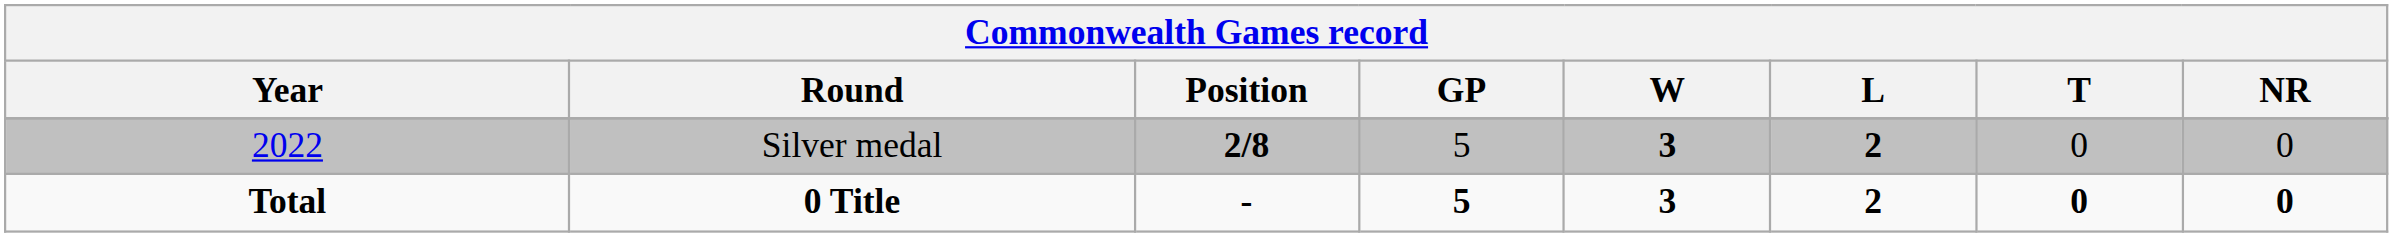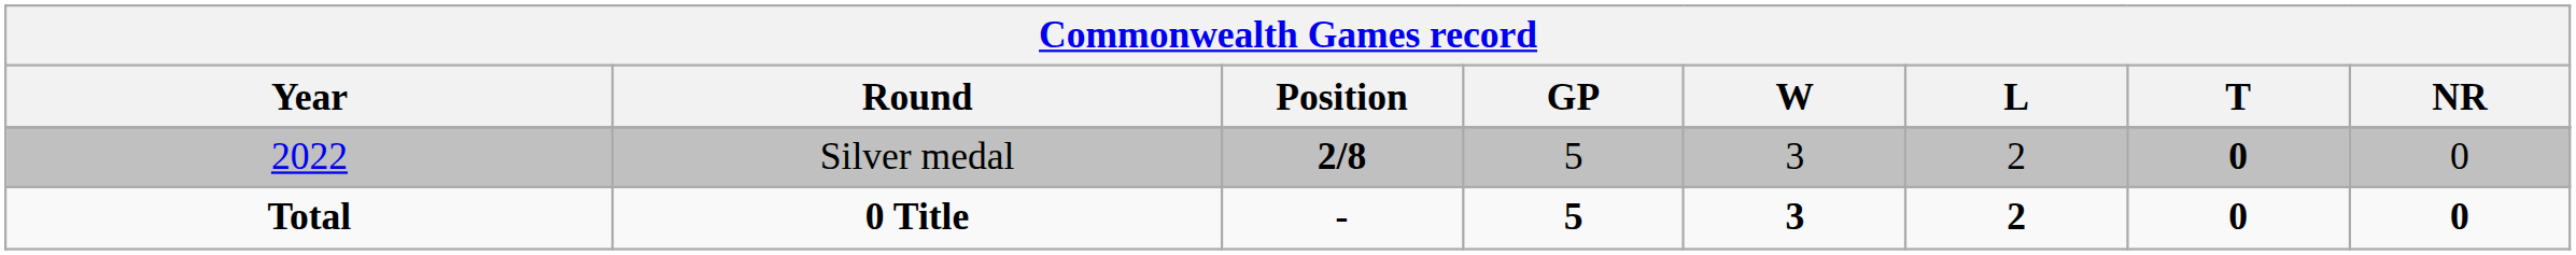 <table class="wikitable" style="text-align: center; width:85%">
 <tr>
 <th colspan=10><a href='#'>Commonwealth Games record</a></th>
 </tr>
 <tr>
 <th width=150>Year</th>
 <th width=150>Round</th>
 <th width=50>Position</th>
 <th width=50>GP</th>
 <th width=50>W</th>
 <th width=50>L</th>
 <th width=50>T</th>
 <th width=50>NR</th>
 </tr>
 <tr>
 </tr>
 <tr style="background:silver;">
 <td> <a href='#'>2022</a></td>
 <td>Silver medal</td>
 <td><strong>2/8</strong></td>
 <td>5</td>
-<td><strong>3</strong></td>
-<td><strong>2</strong></td>
-<td>0</td>
+<td>3</td>
+<td>2</td>
+<td><strong>0</strong></td>
 <td>0</td>
 </tr>
 <tr>
 <td><strong>Total</strong></td>
 <td><strong>0 Title</strong></td>
 <td><strong>-</strong></td>
 <td><strong>5</strong></td>
 <td><strong>3</strong></td>
 <td><strong>2</strong></td>
 <td><strong>0</strong></td>
 <td><strong>0</strong></td>
 </tr>
 </table>
